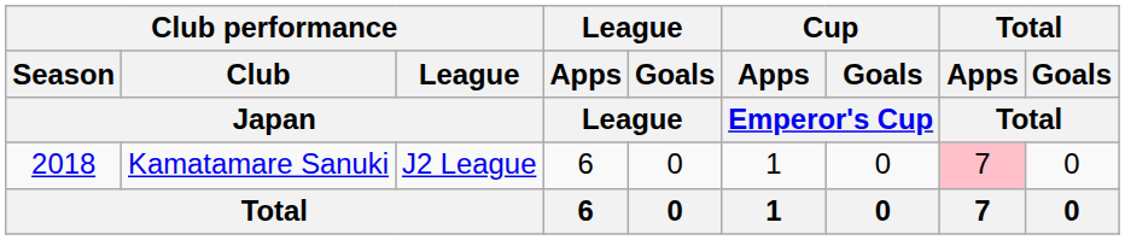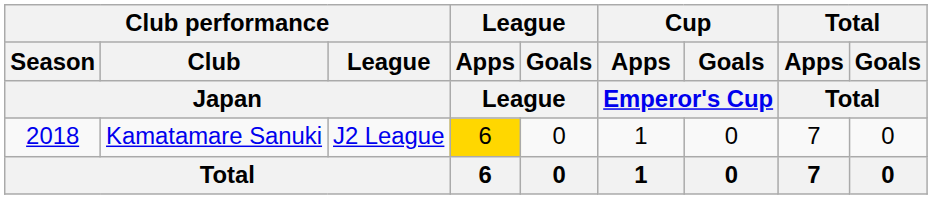 <table class="wikitable" style="text-align:center;">
 <tr>
 <th colspan=3>Club performance</th>
 <th colspan=2>League</th>
 <th colspan=2>Cup</th>
 <th colspan=2>Total</th>
 </tr>
 <tr>
 <th>Season</th>
 <th>Club</th>
 <th>League</th>
 <th>Apps</th>
 <th>Goals</th>
 <th>Apps</th>
 <th>Goals</th>
 <th>Apps</th>
 <th>Goals</th>
 </tr>
 <tr>
 <th colspan=3>Japan</th>
 <th colspan=2>League</th>
 <th colspan=2><a href='#'>Emperor's Cup</a></th>
 <th colspan=2>Total</th>
 </tr>
 <tr>
 <td><a href='#'>2018</a></td>
 <td rowspan="1"><a href='#'>Kamatamare Sanuki</a></td>
 <td rowspan="1"><a href='#'>J2 League</a></td>
-<td>6</td>
+<td style="background: gold;">6</td>
 <td>0</td>
 <td>1</td>
 <td>0</td>
-<td style="background: pink;">7</td>
+<td>7</td>
 <td>0</td>
 </tr>
 <tr>
 <th colspan=3>Total</th>
 <th>6</th>
 <th>0</th>
 <th>1</th>
 <th>0</th>
 <th>7</th>
 <th>0</th>
 </tr>
 </table>
